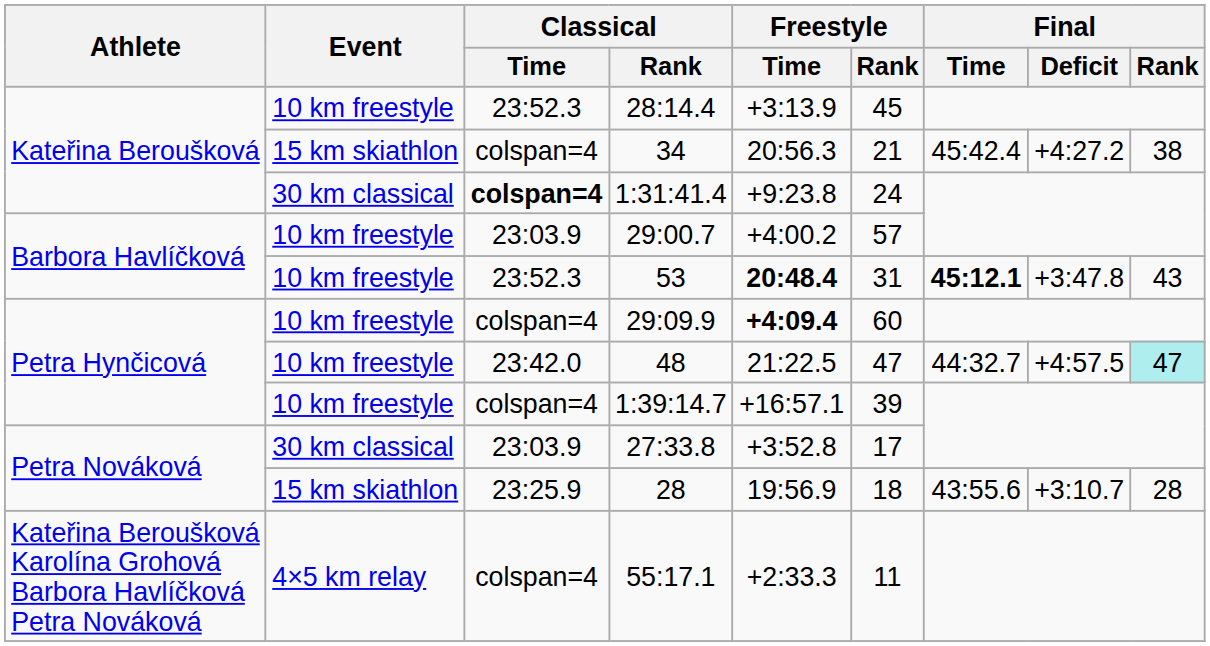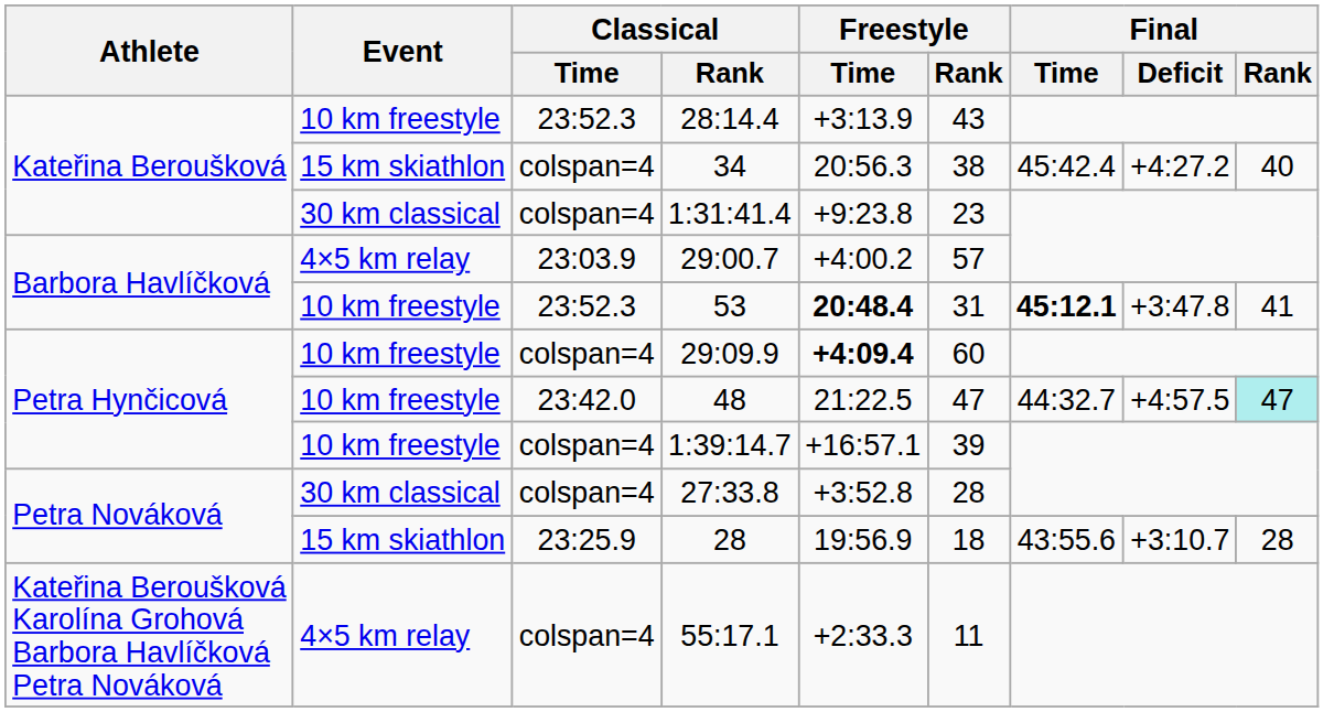 <table class="wikitable" style="font-size:90%">
 <tr>
 <th rowspan=2>Athlete</th>
 <th rowspan=2>Event</th>
 <th colspan=2>Classical</th>
 <th colspan=2>Freestyle</th>
 <th colspan=3>Final</th>
 </tr>
 <tr style="font-size: 95%">
 <th>Time</th>
 <th>Rank</th>
 <th>Time</th>
 <th>Rank</th>
 <th>Time</th>
 <th>Deficit</th>
 <th>Rank</th>
 </tr>
 <tr align=center>
 <td align=left rowspan=3><a href='#'>Kateřina Beroušková</a></td>
 <td align=left><a href='#'>10 km freestyle</a></td>
 <td>23:52.3</td>
 <td>28:14.4</td>
 <td>+3:13.9</td>
-<td>45</td>
+<td>43</td>
 </tr>
 <tr align=center>
 <td align=left><a href='#'>15 km skiathlon</a></td>
 <td>colspan=4 </td>
 <td>34</td>
 <td>20:56.3</td>
-<td>21</td>
+<td>38</td>
 <td>45:42.4</td>
 <td>+4:27.2</td>
-<td>38</td>
+<td>40</td>
 </tr>
 <tr align=center>
 <td align=left><a href='#'>30 km classical</a></td>
-<td><strong>colspan=4 </strong></td>
+<td>colspan=4 </td>
 <td>1:31:41.4</td>
 <td>+9:23.8</td>
-<td>24</td>
+<td>23</td>
 </tr>
 <tr align=center>
 <td align=left rowspan=2><a href='#'>Barbora Havlíčková</a></td>
-<td align=left><a href='#'>10 km freestyle</a></td>
+<td align=left><a href='#'>4×5 km relay</a></td>
 <td>23:03.9</td>
 <td>29:00.7</td>
 <td>+4:00.2</td>
 <td>57</td>
 </tr>
 <tr align=center>
 <td align=left><a href='#'>10 km freestyle</a></td>
 <td>23:52.3</td>
 <td>53</td>
 <td><strong>20:48.4</strong></td>
 <td>31</td>
 <td><strong>45:12.1</strong></td>
 <td>+3:47.8</td>
-<td>43</td>
+<td>41</td>
 </tr>
 <tr align=center>
 <td align=left rowspan=3><a href='#'>Petra Hynčicová</a></td>
 <td align=left><a href='#'>10 km freestyle</a></td>
 <td>colspan=4 </td>
 <td>29:09.9</td>
 <td><strong>+4:09.4</strong></td>
 <td>60</td>
 </tr>
 <tr align=center>
 <td align=left><a href='#'>10 km freestyle</a></td>
 <td>23:42.0</td>
 <td>48</td>
 <td>21:22.5</td>
 <td>47</td>
 <td>44:32.7</td>
 <td>+4:57.5</td>
 <td style="background: paleturquoise;">47</td>
 </tr>
 <tr align=center>
 <td align=left><a href='#'>10 km freestyle</a></td>
 <td>colspan=4 </td>
 <td>1:39:14.7</td>
 <td>+16:57.1</td>
 <td>39</td>
 </tr>
 <tr align=center>
 <td align=left rowspan=2><a href='#'>Petra Nováková</a></td>
 <td align=left><a href='#'>30 km classical</a></td>
-<td>23:03.9</td>
+<td>colspan=4 </td>
 <td>27:33.8</td>
 <td>+3:52.8</td>
-<td>17</td>
+<td>28</td>
 </tr>
 <tr align=center>
 <td align=left><a href='#'>15 km skiathlon</a></td>
 <td>23:25.9</td>
 <td>28</td>
 <td>19:56.9</td>
 <td>18</td>
 <td>43:55.6</td>
 <td>+3:10.7</td>
 <td>28</td>
 </tr>
 <tr align=center>
 <td align=left><a href='#'>Kateřina Beroušková</a><br><a href='#'>Karolína Grohová</a><br><a href='#'>Barbora Havlíčková</a><br><a href='#'>Petra Nováková</a></td>
 <td align=left><a href='#'>4×5 km relay</a></td>
 <td>colspan=4 </td>
 <td>55:17.1</td>
 <td>+2:33.3</td>
 <td>11</td>
 </tr>
 </table>
